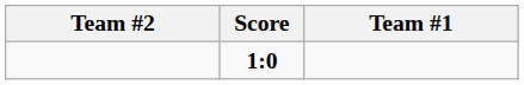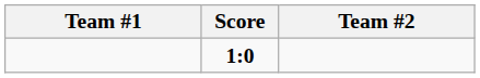 <table class="wikitable" style="text-align:center;">
 <tr>
+<th width=140>Team #1</th>
+<th width=50>Score</th>
 <th width=140>Team #2</th>
-<th width=50>Score</th>
-<th width=140>Team #1</th>
 </tr>
 <tr>
+<td style="text-align:right;"><strong></strong></td>
+<td><strong>1:0</strong></td>
 <td style="text-align:left;"></td>
-<td><strong>1:0</strong></td>
-<td style="text-align:right;"><strong></strong></td>
 </tr>
 </table>
